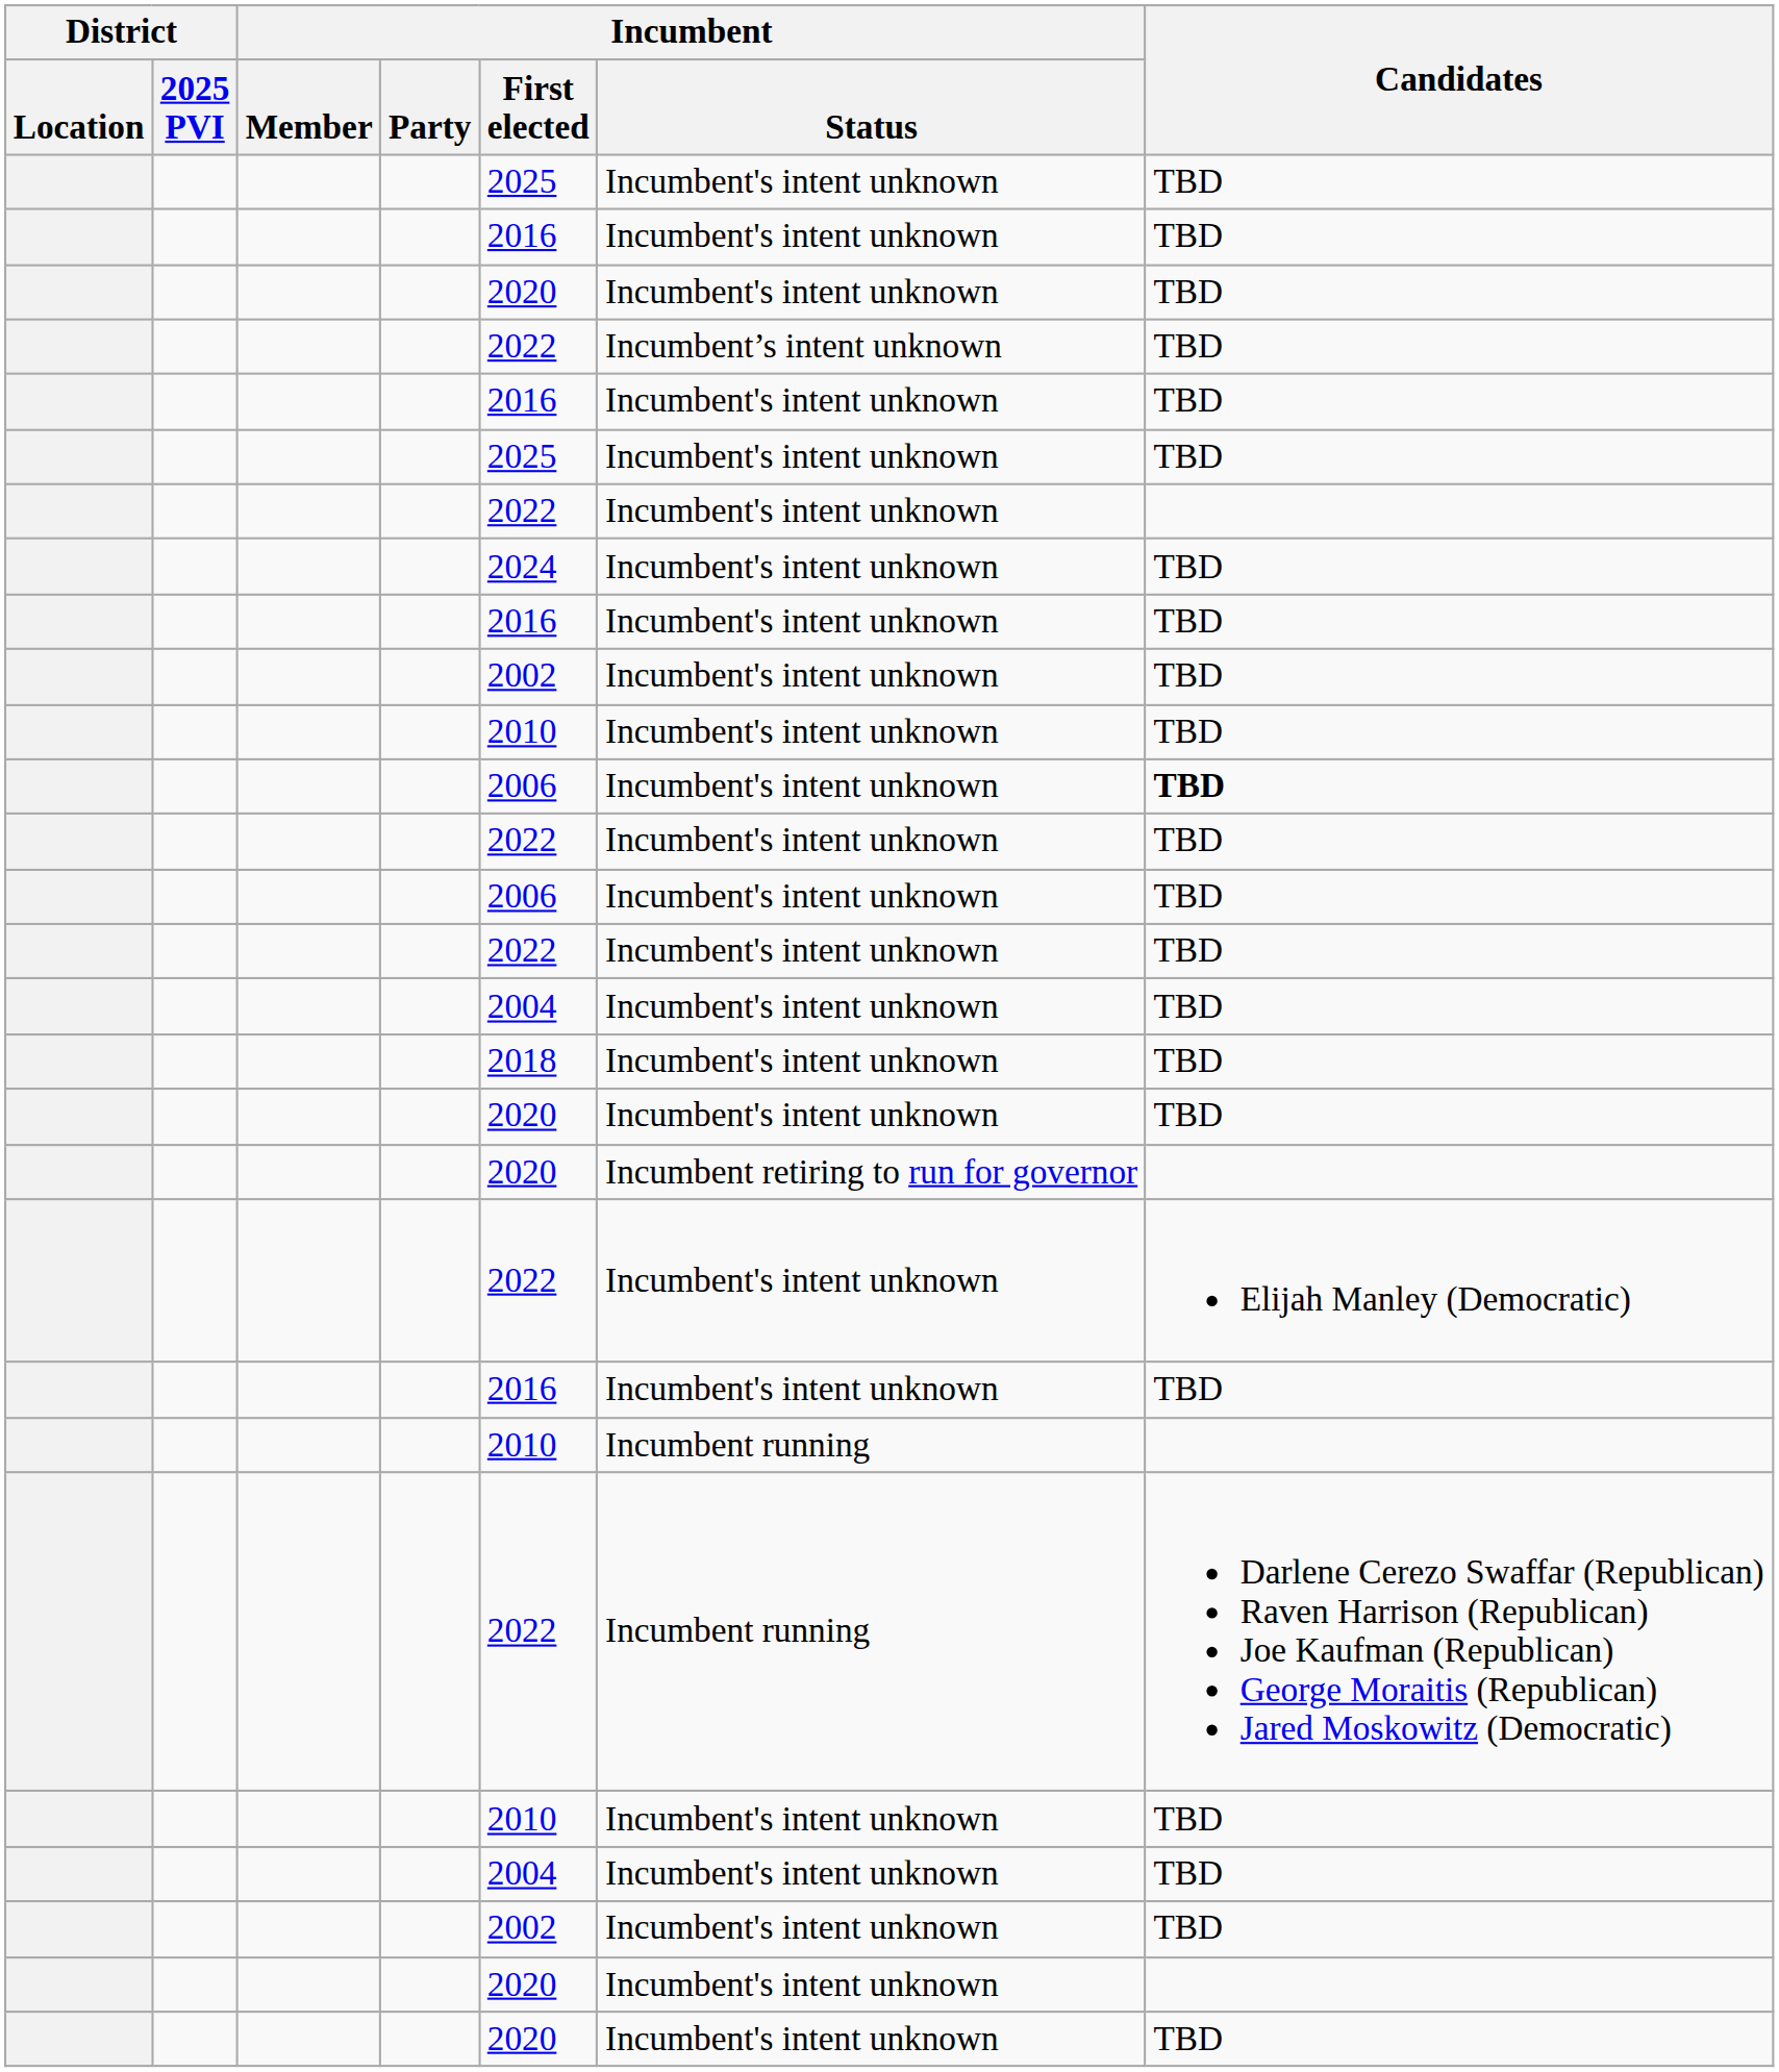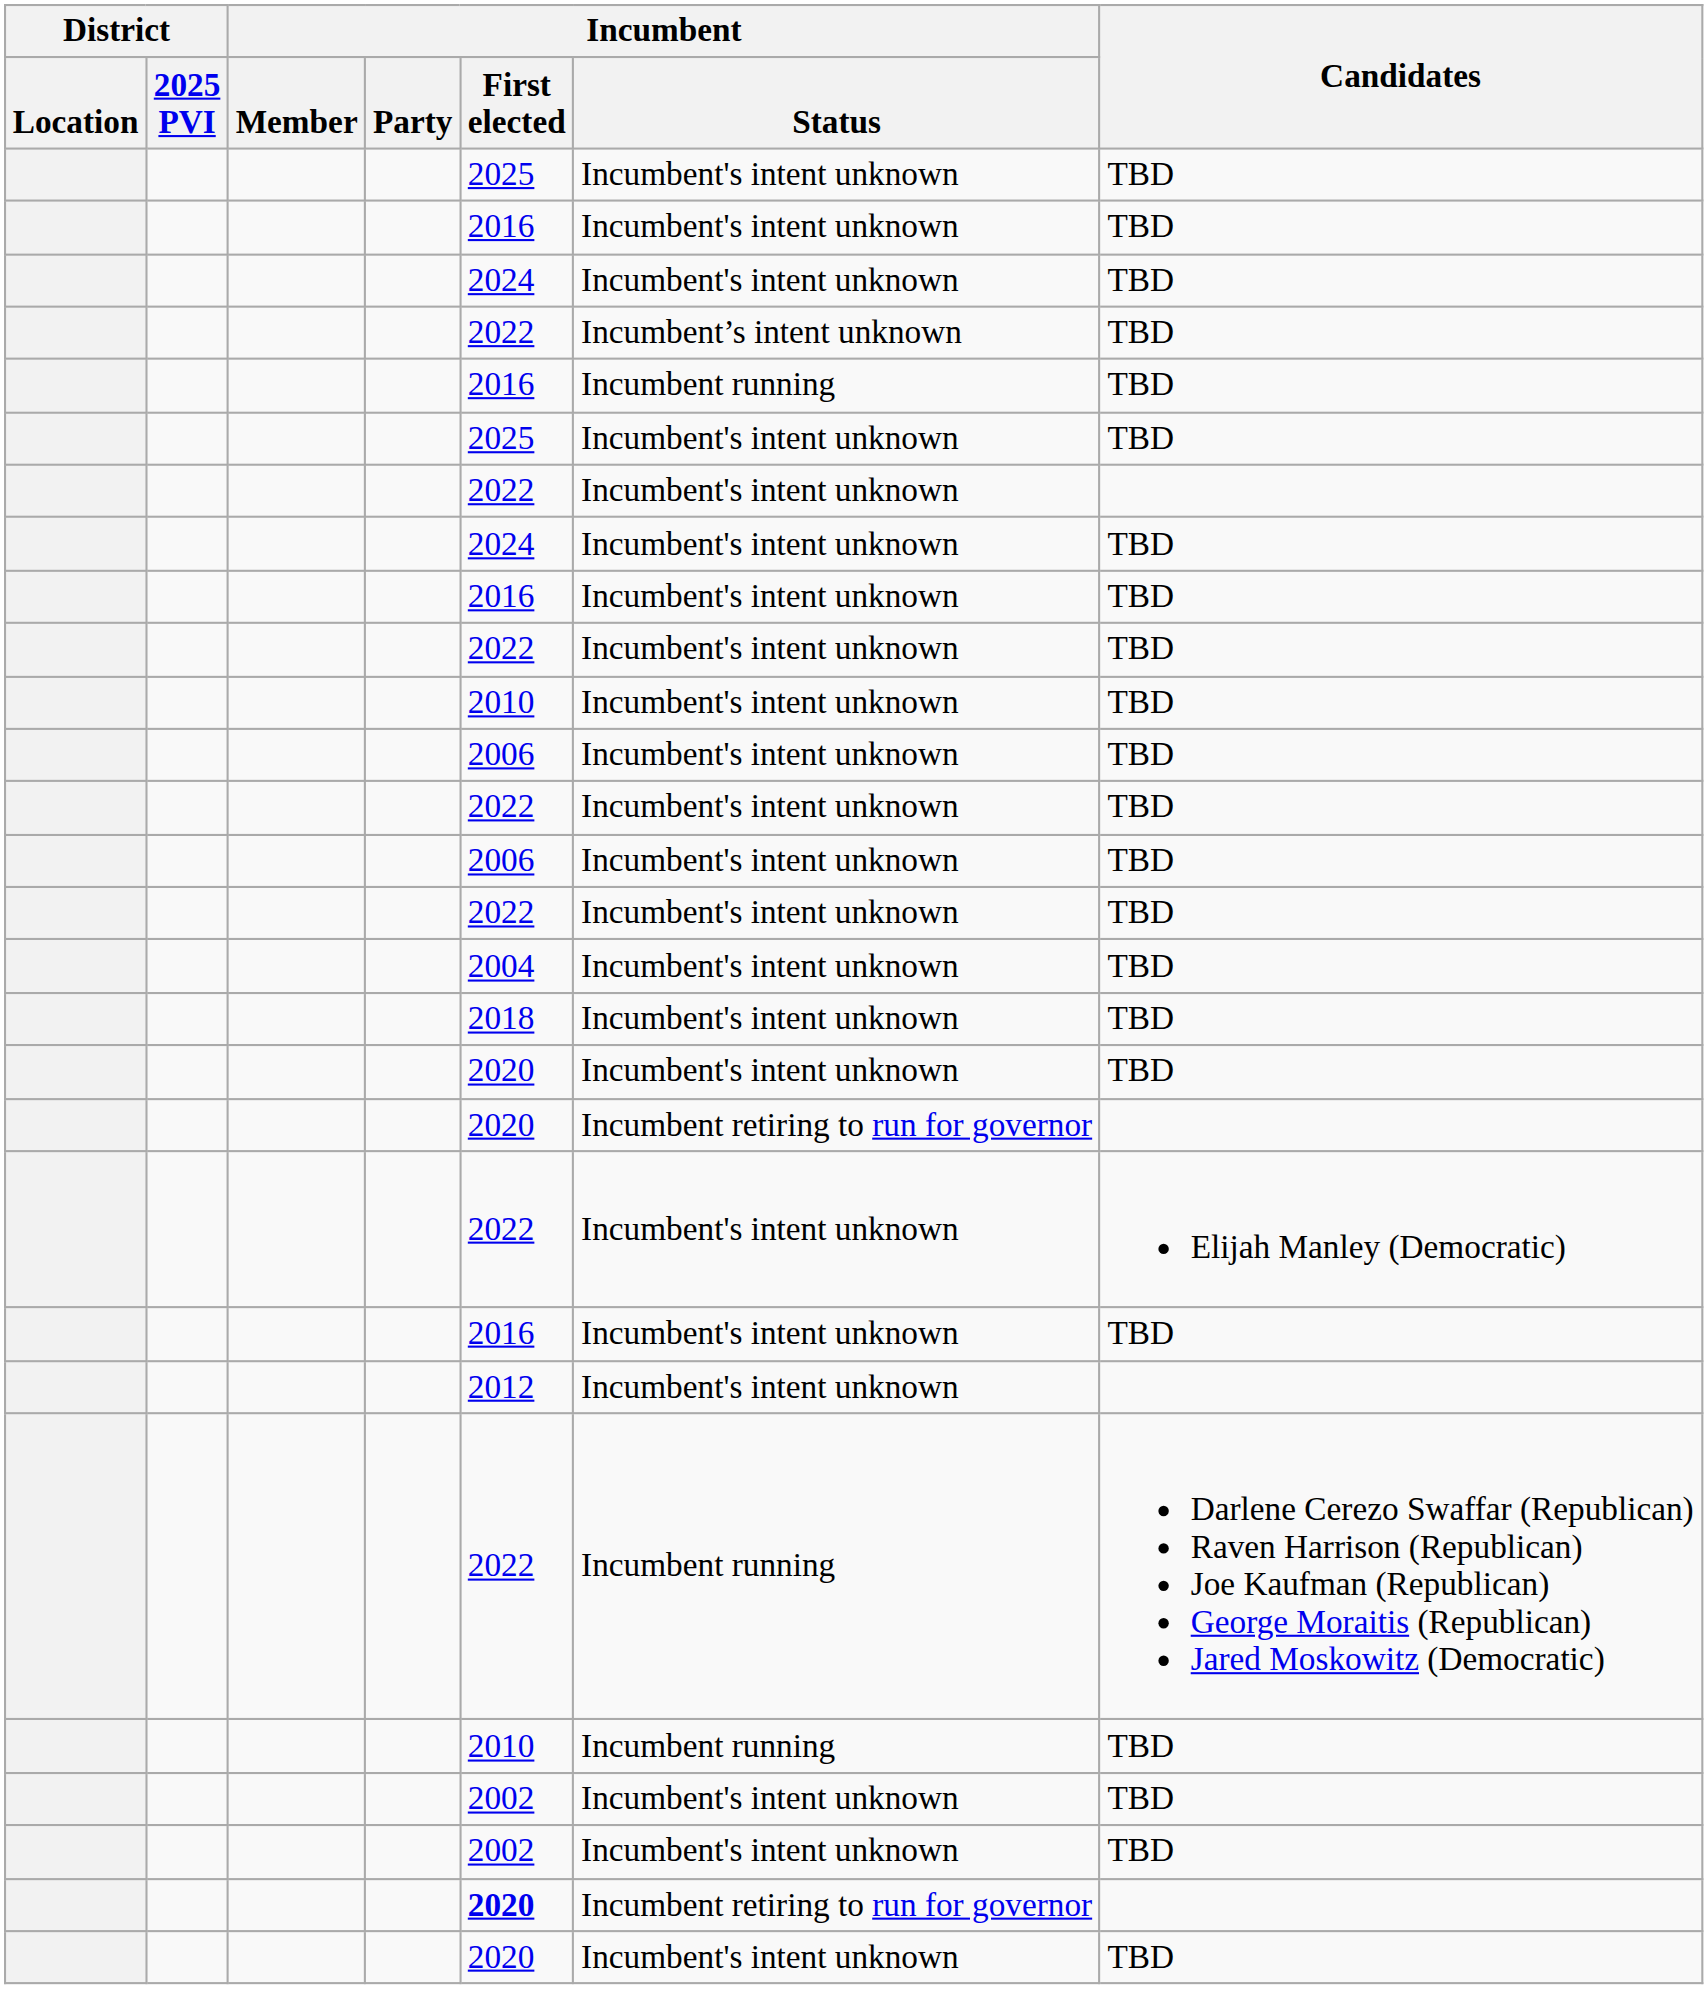 <table class="wikitable sortable">
 <tr>
 <th colspan=2>District</th>
 <th colspan=4>Incumbent</th>
 <th rowspan=2 class="unsortable">Candidates</th>
 </tr>
 <tr valign=bottom>
 <th>Location</th>
 <th><a href='#'>2025<br>PVI</a></th>
 <th>Member</th>
 <th>Party</th>
 <th>First<br>elected</th>
 <th>Status</th>
 </tr>
 <tr>
 <th></th>
 <td></td>
 <td></td>
 <td></td>
 <td><a href='#'>2025 </a></td>
 <td>Incumbent's intent unknown</td>
 <td>TBD</td>
 </tr>
 <tr>
 <th></th>
 <td></td>
 <td></td>
 <td></td>
 <td><a href='#'>2016</a></td>
 <td>Incumbent's intent unknown</td>
 <td>TBD</td>
 </tr>
 <tr>
 <th></th>
 <td></td>
 <td></td>
 <td></td>
-<td><a href='#'>2020</a></td>
+<td><a href='#'>2024</a></td>
 <td>Incumbent's intent unknown</td>
 <td>TBD</td>
 </tr>
 <tr>
 <th></th>
 <td></td>
 <td></td>
 <td></td>
 <td><a href='#'>2022</a></td>
 <td>Incumbent’s intent unknown</td>
 <td>TBD</td>
 </tr>
 <tr>
 <th></th>
 <td></td>
 <td></td>
 <td></td>
 <td><a href='#'>2016</a></td>
-<td>Incumbent's intent unknown</td>
+<td>Incumbent running</td>
 <td>TBD</td>
 </tr>
 <tr>
 <th></th>
 <td></td>
 <td></td>
 <td></td>
 <td><a href='#'>2025 </a></td>
 <td>Incumbent's intent unknown</td>
 <td>TBD</td>
 </tr>
 <tr>
 <th></th>
 <td></td>
 <td></td>
 <td></td>
 <td><a href='#'>2022</a></td>
 <td>Incumbent's intent unknown</td>
 <td></td>
 </tr>
 <tr>
 <th></th>
 <td></td>
 <td></td>
 <td></td>
 <td><a href='#'>2024</a></td>
 <td>Incumbent's intent unknown</td>
 <td>TBD</td>
 </tr>
 <tr>
 <th></th>
 <td></td>
 <td></td>
 <td></td>
 <td><a href='#'>2016</a></td>
 <td>Incumbent's intent unknown</td>
 <td>TBD</td>
 </tr>
 <tr>
 <th></th>
 <td></td>
 <td></td>
 <td></td>
-<td><a href='#'>2002</a></td>
+<td><a href='#'>2022</a></td>
 <td>Incumbent's intent unknown</td>
 <td>TBD</td>
 </tr>
 <tr>
 <th></th>
 <td></td>
 <td></td>
 <td></td>
 <td><a href='#'>2010</a></td>
 <td>Incumbent's intent unknown</td>
 <td>TBD</td>
 </tr>
 <tr>
 <th></th>
 <td></td>
 <td></td>
 <td></td>
 <td><a href='#'>2006</a></td>
 <td>Incumbent's intent unknown</td>
-<td><strong>TBD</strong></td>
+<td>TBD</td>
 </tr>
 <tr>
 <th></th>
 <td></td>
 <td></td>
 <td></td>
 <td><a href='#'>2022</a></td>
 <td>Incumbent's intent unknown</td>
 <td>TBD</td>
 </tr>
 <tr>
 <th></th>
 <td></td>
 <td></td>
 <td></td>
 <td><a href='#'>2006</a></td>
 <td>Incumbent's intent unknown</td>
 <td>TBD</td>
 </tr>
 <tr>
 <th></th>
 <td></td>
 <td></td>
 <td></td>
 <td><a href='#'>2022</a></td>
 <td>Incumbent's intent unknown</td>
 <td>TBD</td>
 </tr>
 <tr>
 <th></th>
 <td></td>
 <td></td>
 <td></td>
 <td><a href='#'>2004</a></td>
 <td>Incumbent's intent unknown</td>
 <td>TBD</td>
 </tr>
 <tr>
 <th></th>
 <td></td>
 <td></td>
 <td></td>
 <td><a href='#'>2018</a></td>
 <td>Incumbent's intent unknown</td>
 <td>TBD</td>
 </tr>
 <tr>
 <th></th>
 <td></td>
 <td></td>
 <td></td>
 <td><a href='#'>2020</a></td>
 <td>Incumbent's intent unknown</td>
 <td>TBD</td>
 </tr>
 <tr>
 <th></th>
 <td></td>
 <td></td>
 <td></td>
 <td><a href='#'>2020</a></td>
 <td>Incumbent retiring to <a href='#'>run for governor</a></td>
 <td></td>
 </tr>
 <tr>
 <th></th>
 <td></td>
 <td></td>
 <td></td>
 <td><a href='#'>2022 </a></td>
 <td>Incumbent's intent unknown</td>
 <td><br><ul><li>Elijah Manley (Democratic)</li></ul></td>
 </tr>
 <tr>
 <th></th>
 <td></td>
 <td></td>
 <td></td>
 <td><a href='#'>2016</a></td>
 <td>Incumbent's intent unknown</td>
 <td>TBD</td>
 </tr>
 <tr>
 <th></th>
 <td></td>
 <td></td>
 <td></td>
-<td><a href='#'>2010</a></td>
-<td>Incumbent running</td>
+<td><a href='#'>2012</a></td>
+<td>Incumbent's intent unknown</td>
 <td></td>
 </tr>
 <tr>
 <th></th>
 <td></td>
 <td></td>
 <td></td>
 <td><a href='#'>2022</a></td>
 <td>Incumbent running</td>
 <td nowrap><br><ul><li>Darlene Cerezo Swaffar (Republican)</li><li>Raven Harrison (Republican)</li><li>Joe Kaufman (Republican)</li><li><a href='#'>George Moraitis</a> (Republican)</li><li><a href='#'>Jared Moskowitz</a> (Democratic)</li></ul></td>
 </tr>
 <tr>
 <th></th>
 <td></td>
 <td></td>
 <td></td>
 <td><a href='#'>2010</a></td>
-<td>Incumbent's intent unknown</td>
+<td>Incumbent running</td>
 <td>TBD</td>
 </tr>
 <tr>
 <th></th>
 <td></td>
 <td></td>
 <td></td>
-<td><a href='#'>2004</a></td>
+<td><a href='#'>2002</a></td>
 <td>Incumbent's intent unknown</td>
 <td>TBD</td>
 </tr>
 <tr>
 <th></th>
 <td></td>
 <td></td>
 <td></td>
 <td><a href='#'>2002</a></td>
 <td>Incumbent's intent unknown</td>
 <td>TBD</td>
 </tr>
 <tr>
 <th></th>
 <td></td>
 <td></td>
 <td></td>
-<td><a href='#'>2020</a></td>
-<td>Incumbent's intent unknown</td>
+<td><strong><a href='#'>2020</a></strong></td>
+<td>Incumbent retiring to <a href='#'>run for governor</a></td>
 <td></td>
 </tr>
 <tr>
 <th></th>
 <td></td>
 <td></td>
 <td></td>
 <td><a href='#'>2020</a></td>
 <td>Incumbent's intent unknown</td>
 <td>TBD</td>
 </tr>
 </table>
